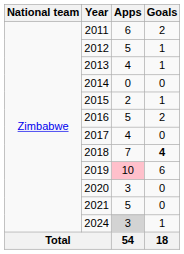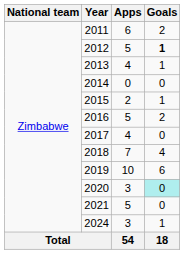 <table class="wikitable" style="text-align:center">
 <tr>
 <th>National team</th>
 <th>Year</th>
 <th>Apps</th>
 <th>Goals</th>
 </tr>
 <tr>
 <td rowspan="12"><a href='#'>Zimbabwe</a></td>
 <td>2011</td>
 <td>6</td>
 <td>2</td>
 </tr>
 <tr>
 <td>2012</td>
 <td>5</td>
-<td>1</td>
+<td><strong>1</strong></td>
 </tr>
 <tr>
 <td>2013</td>
 <td>4</td>
 <td>1</td>
 </tr>
 <tr>
 <td>2014</td>
 <td>0</td>
 <td>0</td>
 </tr>
 <tr>
 <td>2015</td>
 <td>2</td>
 <td>1</td>
 </tr>
 <tr>
 <td>2016</td>
 <td>5</td>
 <td>2</td>
 </tr>
 <tr>
 <td>2017</td>
 <td>4</td>
 <td>0</td>
 </tr>
 <tr>
 <td>2018</td>
 <td>7</td>
-<td><strong>4</strong></td>
+<td>4</td>
 </tr>
 <tr>
 <td>2019</td>
-<td style="background: pink;">10</td>
+<td>10</td>
 <td>6</td>
 </tr>
 <tr>
 <td>2020</td>
 <td>3</td>
-<td>0</td>
+<td style="background: paleturquoise;">0</td>
 </tr>
 <tr>
 <td>2021</td>
 <td>5</td>
 <td>0</td>
 </tr>
 <tr>
 <td>2024</td>
-<td style="background: lightgrey;">3</td>
+<td>3</td>
 <td>1</td>
 </tr>
 <tr>
 <th colspan="2">Total</th>
 <th>54</th>
 <th>18</th>
 </tr>
 </table>
